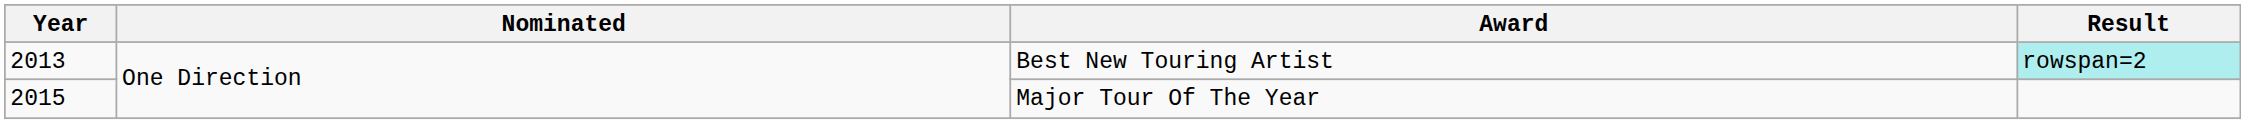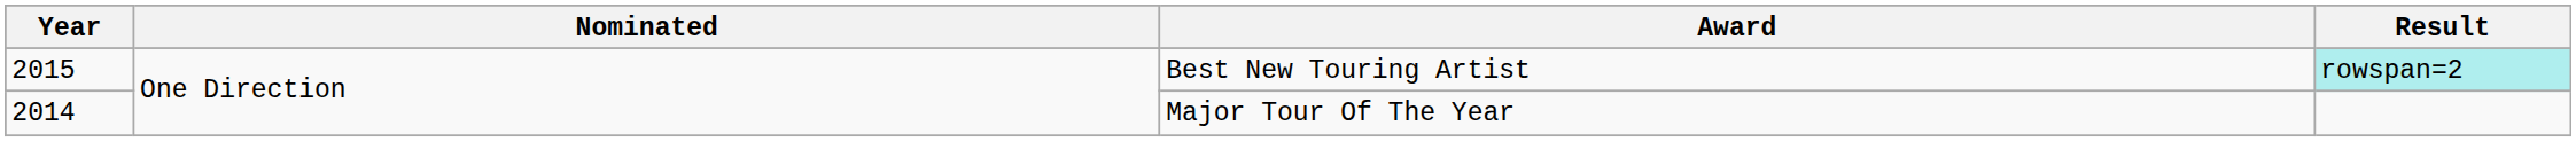 <table class="wikitable" style="width:100%;">
 <tr>
 <th width=5%>Year</th>
 <th style="width:40%;">Nominated</th>
 <th style="width:45%;">Award</th>
 <th style="width:10%;">Result</th>
 </tr>
 <tr>
-<td>2013</td>
+<td>2015</td>
 <td rowspan="2">One Direction</td>
 <td>Best New Touring Artist</td>
 <td style="background: paleturquoise;">rowspan=2 </td>
 </tr>
 <tr>
-<td>2015</td>
+<td>2014</td>
 <td>Major Tour Of The Year</td>
 </tr>
 </table>
